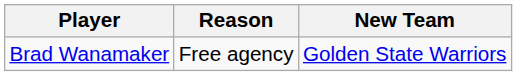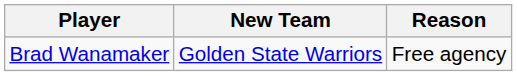 <table class="wikitable sortable sortable" style="text-align: center">
 <tr>
 <th>Player</th>
+<th>New Team</th>
 <th>Reason</th>
-<th>New Team</th>
 </tr>
 <tr>
 <td><a href='#'>Brad Wanamaker</a></td>
+<td><a href='#'>Golden State Warriors</a></td>
 <td>Free agency</td>
-<td><a href='#'>Golden State Warriors</a></td>
 </tr>
 </table>
